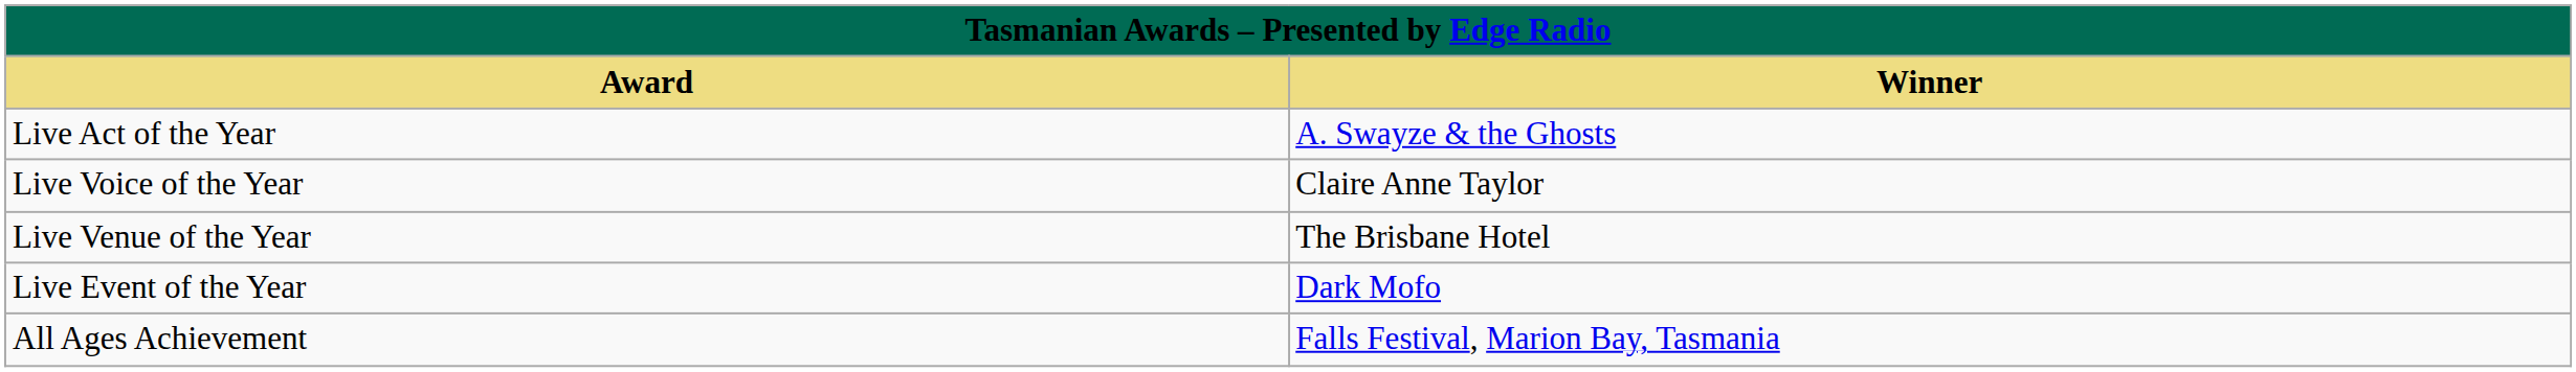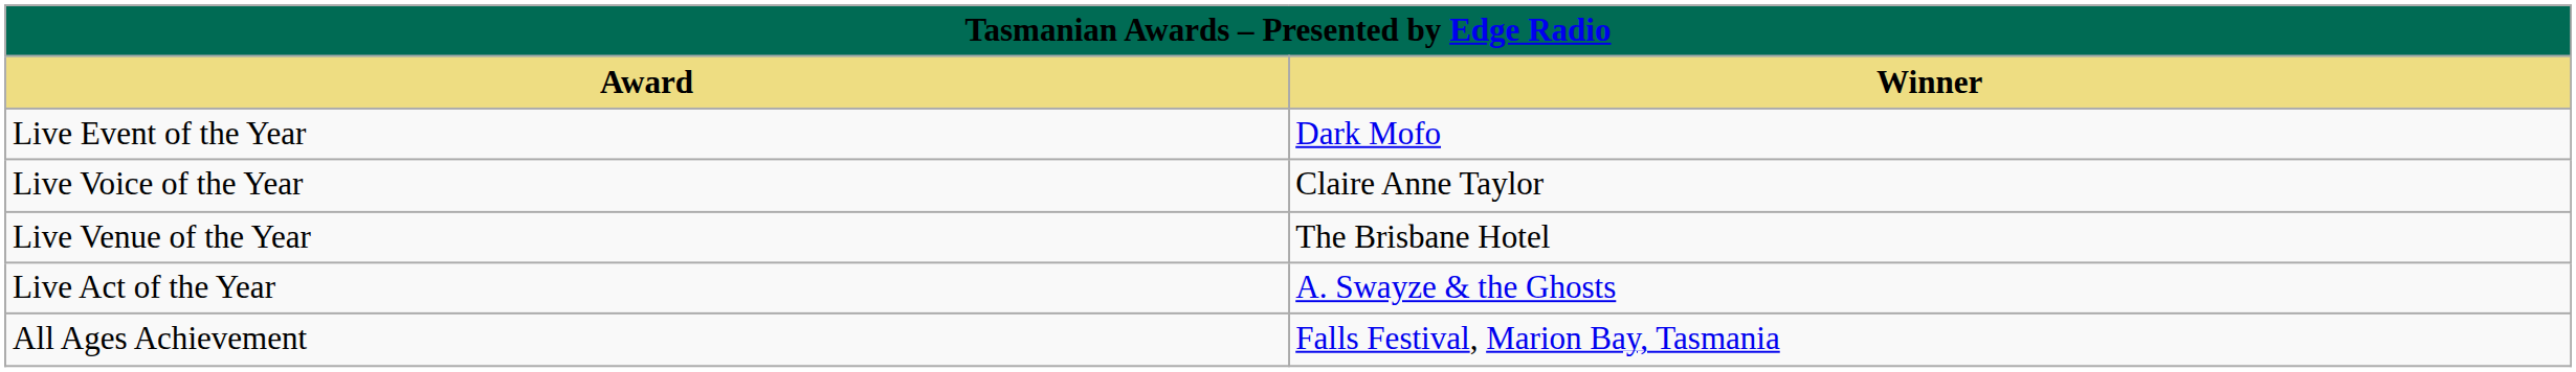 <table class="wikitable" width=100%>
 <tr>
 <th colspan="2" ! style="width:15%;background:#006b54">Tasmanian Awards – Presented by <a href='#'>Edge Radio</a></th>
 </tr>
 <tr>
 <th style="width:10%;background:#EEDD82;">Award</th>
 <th style="width:10%;background:#EEDD82;">Winner</th>
 </tr>
 <tr>
-<td>Live Act of the Year</td>
-<td><a href='#'>A. Swayze & the Ghosts</a></td>
+<td>Live Event of the Year</td>
+<td><a href='#'>Dark Mofo</a></td>
 </tr>
 <tr>
 <td>Live Voice of the Year</td>
 <td>Claire Anne Taylor</td>
 </tr>
 <tr>
 <td>Live Venue of the Year</td>
 <td>The Brisbane Hotel</td>
 </tr>
 <tr>
-<td>Live Event of the Year</td>
-<td><a href='#'>Dark Mofo</a></td>
+<td>Live Act of the Year</td>
+<td><a href='#'>A. Swayze & the Ghosts</a></td>
 </tr>
 <tr>
 <td>All Ages Achievement</td>
 <td><a href='#'>Falls Festival</a>, <a href='#'>Marion Bay, Tasmania</a></td>
 </tr>
 </table>
